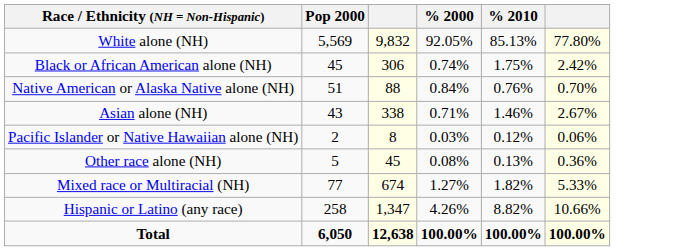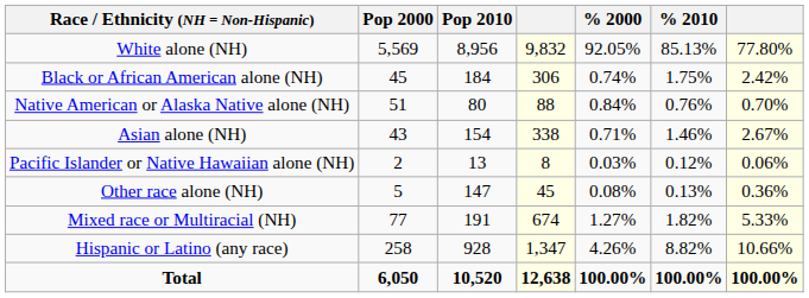 <table class="wikitable" style="text-align:center;">
 <tr>
 <th>Race / Ethnicity <small>(<em>NH = Non-Hispanic</em>)</small></th>
 <th>Pop 2000</th>
+<th>Pop 2010</th>
 <th></th>
 <th>% 2000</th>
 <th>% 2010</th>
 <th></th>
 </tr>
 <tr>
 <td><a href='#'>White</a> alone (NH)</td>
 <td>5,569</td>
+<td>8,956</td>
 <td style='background: #ffffe6;'>9,832</td>
 <td>92.05%</td>
 <td>85.13%</td>
 <td style='background: #ffffe6;'>77.80%</td>
 </tr>
 <tr>
 <td><a href='#'>Black or African American</a> alone (NH)</td>
 <td>45</td>
+<td>184</td>
 <td style='background: #ffffe6;'>306</td>
 <td>0.74%</td>
 <td>1.75%</td>
 <td style='background: #ffffe6;'>2.42%</td>
 </tr>
 <tr>
 <td><a href='#'>Native American</a> or <a href='#'>Alaska Native</a> alone (NH)</td>
 <td>51</td>
+<td>80</td>
 <td style='background: #ffffe6;'>88</td>
 <td>0.84%</td>
 <td>0.76%</td>
 <td style='background: #ffffe6;'>0.70%</td>
 </tr>
 <tr>
 <td><a href='#'>Asian</a> alone (NH)</td>
 <td>43</td>
+<td>154</td>
 <td style='background: #ffffe6;'>338</td>
 <td>0.71%</td>
 <td>1.46%</td>
 <td style='background: #ffffe6;'>2.67%</td>
 </tr>
 <tr>
 <td><a href='#'>Pacific Islander</a> or <a href='#'>Native Hawaiian</a> alone (NH)</td>
 <td>2</td>
+<td>13</td>
 <td style='background: #ffffe6;'>8</td>
 <td>0.03%</td>
 <td>0.12%</td>
 <td style='background: #ffffe6;'>0.06%</td>
 </tr>
 <tr>
 <td><a href='#'>Other race</a> alone (NH)</td>
 <td>5</td>
+<td>147</td>
 <td style='background: #ffffe6;'>45</td>
 <td>0.08%</td>
 <td>0.13%</td>
 <td style='background: #ffffe6;'>0.36%</td>
 </tr>
 <tr>
 <td><a href='#'>Mixed race or Multiracial</a> (NH)</td>
 <td>77</td>
+<td>191</td>
 <td style='background: #ffffe6;'>674</td>
 <td>1.27%</td>
 <td>1.82%</td>
 <td style='background: #ffffe6;'>5.33%</td>
 </tr>
 <tr>
 <td><a href='#'>Hispanic or Latino</a> (any race)</td>
 <td>258</td>
+<td>928</td>
 <td style='background: #ffffe6;'>1,347</td>
 <td>4.26%</td>
 <td>8.82%</td>
 <td style='background: #ffffe6;'>10.66%</td>
 </tr>
 <tr>
 <td><strong>Total</strong></td>
 <td><strong>6,050</strong></td>
+<td><strong>10,520</strong></td>
 <td style='background: #ffffe6;'><strong>12,638</strong></td>
 <td><strong>100.00%</strong></td>
 <td><strong>100.00%</strong></td>
 <td style='background: #ffffe6;'><strong>100.00%</strong></td>
 </tr>
 </table>
